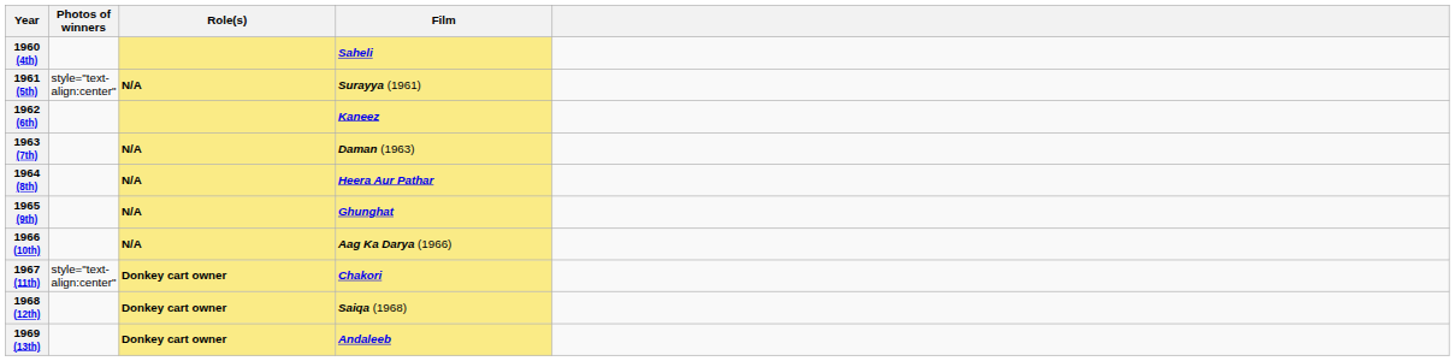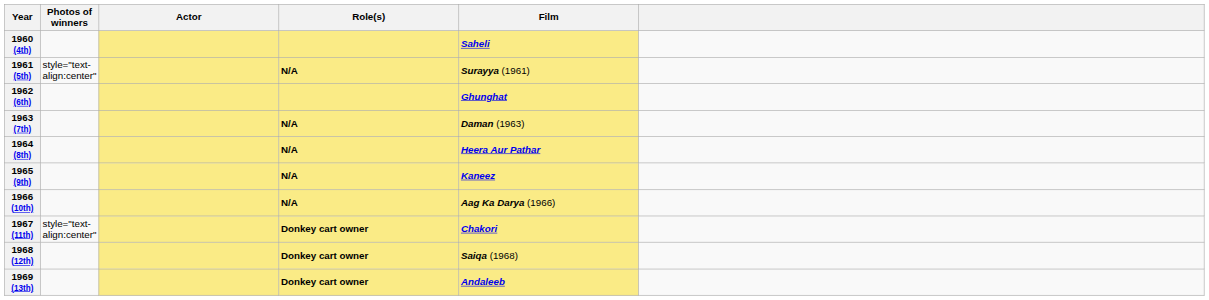 <table class="wikitable sortable" style="text-align:left;">
 <tr>
 <th scope="col" style="width:3%; text-align:center;">Year</th>
 <th scope="col" style="width:3%;text-align:center;">Photos of winners</th>
+<th scope="col" style="width:15%;text-align:center;">Actor</th>
 <th scope="col" style="width:15%;text-align:center;">Role(s)</th>
 <th scope="col" style="width:15%;text-align:center;">Film</th>
 <th scope="col" class="unsortable"></th>
 </tr>
 <tr>
 <th style="text-align:center">1960 <br><small><a href='#'>(4th)</a> </small></th>
 <td style="text-align:center"></td>
+<td style="background:#FAEB86;"><strong></strong> </td>
 <td style="background:#FAEB86;"><strong></strong></td>
 <td style="background:#FAEB86;"><strong><em><a href='#'>Saheli</a></em></strong></td>
 <td></td>
 </tr>
 <tr>
 <th style="text-align:center">1961 <br><small><a href='#'>(5th)</a></small></th>
 <td>style="text-align:center" </td>
+<td style="background:#FAEB86;"><strong></strong> </td>
 <td style="background:#FAEB86;"><strong>N/A</strong></td>
 <td style="background:#FAEB86;"><strong><em>Surayya</em></strong> (1961)</td>
 <td></td>
 </tr>
 <tr>
 <th style="text-align:center">1962 <br><small><a href='#'>(6th)</a> </small></th>
 <td style="text-align:center"></td>
+<td style="background:#FAEB86;"><strong></strong> </td>
 <td style="background:#FAEB86;"><strong></strong></td>
-<td style="background:#FAEB86;"><strong><em><a href='#'>Kaneez</a></em></strong></td>
+<td style="background:#FAEB86;"><strong><em><a href='#'>Ghunghat</a></em></strong></td>
 <td></td>
 </tr>
 <tr>
 <th style="text-align:center">1963 <br><small><a href='#'>(7th)</a> </small></th>
 <td style="text-align:center"></td>
+<td style="background:#FAEB86;"><strong></strong> </td>
 <td style="background:#FAEB86;"><strong>N/A</strong></td>
 <td style="background:#FAEB86;"><strong><em>Daman</em></strong> (1963)</td>
 <td></td>
 </tr>
 <tr>
 <th style="text-align:center">1964 <br><small><a href='#'>(8th)</a> </small></th>
 <td style="text-align:center"></td>
+<td style="background:#FAEB86;"><strong></strong> </td>
 <td style="background:#FAEB86;"><strong>N/A</strong></td>
 <td style="background:#FAEB86;"><strong><em><a href='#'>Heera Aur Pathar</a></em></strong></td>
 <td></td>
 </tr>
 <tr>
 <th style="text-align:center">1965 <br><small><a href='#'>(9th)</a> </small></th>
 <td style="text-align:center"></td>
+<td style="background:#FAEB86;"><strong></strong> </td>
 <td style="background:#FAEB86;"><strong>N/A</strong></td>
-<td style="background:#FAEB86;"><strong><em><a href='#'>Ghunghat</a></em></strong></td>
+<td style="background:#FAEB86;"><strong><em><a href='#'>Kaneez</a></em></strong></td>
 <td></td>
 </tr>
 <tr>
 <th style="text-align:center">1966 <br><small><a href='#'>(10th)</a> </small></th>
 <td style="text-align:center"></td>
+<td style="background:#FAEB86;"><strong></strong> </td>
 <td style="background:#FAEB86;"><strong>N/A</strong></td>
 <td style="background:#FAEB86;"><strong><em>Aag Ka Darya</em></strong> (1966)</td>
 <td></td>
 </tr>
 <tr>
 <th style="text-align:center">1967 <br><small><a href='#'>(11th)</a> </small></th>
 <td>style="text-align:center" </td>
+<td style="background:#FAEB86;"><strong></strong> </td>
 <td style="background:#FAEB86;"><strong>Donkey cart owner</strong></td>
 <td style="background:#FAEB86;"><strong><em><a href='#'>Chakori</a></em></strong></td>
 <td></td>
 </tr>
 <tr>
 <th style="text-align:center">1968 <br><small><a href='#'>(12th)</a> </small></th>
 <td style="text-align:center"></td>
+<td style="background:#FAEB86;"><strong></strong> </td>
 <td style="background:#FAEB86;"><strong>Donkey cart owner</strong></td>
 <td style="background:#FAEB86;"><strong><em>Saiqa</em></strong> (1968)</td>
 <td></td>
 </tr>
 <tr>
 <th style="text-align:center">1969 <br><small><a href='#'>(13th)</a> </small></th>
 <td style="text-align:center"></td>
+<td style="background:#FAEB86;"><strong></strong> </td>
 <td style="background:#FAEB86;"><strong>Donkey cart owner</strong></td>
 <td style="background:#FAEB86;"><strong><em><a href='#'>Andaleeb</a></em></strong></td>
 <td></td>
 </tr>
 </table>
